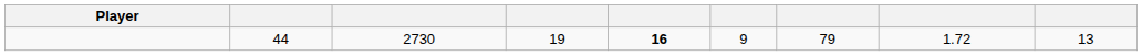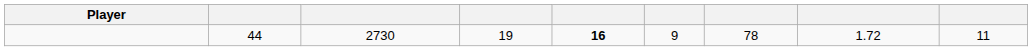 <table class="wikitable sortable" style="width:100%;">
 <tr style="text-align:center; background:#ddd;">
 <th>Player</th>
 <th></th>
 <th></th>
 <th></th>
 <th></th>
 <th></th>
 <th></th>
 <th></th>
 <th></th>
 </tr>
 <tr align=center>
 <td></td>
 <td>44</td>
 <td>2730</td>
 <td>19</td>
 <td><strong>16</strong></td>
 <td>9</td>
-<td>79</td>
+<td>78</td>
 <td>1.72</td>
-<td>13</td>
+<td>11</td>
 </tr>
 </table>
